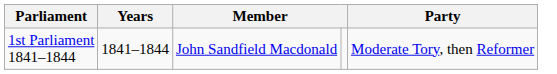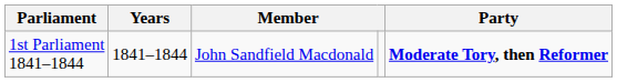 <table class="wikitable">
 <tr>
 <th>Parliament</th>
 <th>Years</th>
 <th colspan="2">Member</th>
 <th>Party</th>
 </tr>
 <tr>
 <td><a href='#'>1st Parliament</a><br>1841–1844</td>
 <td>1841–1844</td>
 <td><a href='#'>John Sandfield Macdonald</a></td>
 <td></td>
-<td><a href='#'>Moderate Tory</a>, then <a href='#'>Reformer</a></td>
+<td><strong><a href='#'>Moderate Tory</a>, then <a href='#'>Reformer</a></strong></td>
 </tr>
 </table>
